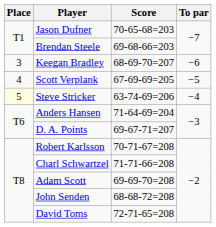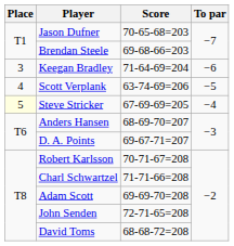 <table class="wikitable">
 <tr>
 <th>Place</th>
 <th>Player</th>
 <th>Score</th>
 <th>To par</th>
 </tr>
 <tr>
 <td rowspan="2" align=center>T1</td>
 <td> <a href='#'>Jason Dufner</a></td>
 <td align=center>70-65-68=203</td>
 <td rowspan="2" align=center>−7</td>
 </tr>
 <tr>
 <td> <a href='#'>Brendan Steele</a></td>
 <td align=center>69-68-66=203</td>
 </tr>
 <tr>
 <td align=center>3</td>
 <td> <a href='#'>Keegan Bradley</a></td>
-<td align=center>68-69-70=207</td>
+<td align=center>71-64-69=204</td>
 <td align=center>−6</td>
 </tr>
 <tr>
 <td align=center>4</td>
 <td> <a href='#'>Scott Verplank</a></td>
-<td align=center>67-69-69=205</td>
+<td align=center>63-74-69=206</td>
 <td align=center>−5</td>
 </tr>
 <tr>
 <td align=center style="background: lightyellow;">5</td>
 <td> <a href='#'>Steve Stricker</a></td>
-<td align=center>63-74-69=206</td>
+<td align=center>67-69-69=205</td>
 <td align=center>−4</td>
 </tr>
 <tr>
 <td rowspan="2" align=center>T6</td>
 <td> <a href='#'>Anders Hansen</a></td>
-<td align=center>71-64-69=204</td>
+<td align=center>68-69-70=207</td>
 <td rowspan="2" align=center>−3</td>
 </tr>
 <tr>
 <td> <a href='#'>D. A. Points</a></td>
 <td align=center>69-67-71=207</td>
 </tr>
 <tr>
 <td rowspan="5" align=center>T8</td>
 <td> <a href='#'>Robert Karlsson</a></td>
 <td align=center>70-71-67=208</td>
 <td rowspan="5" align=center>−2</td>
 </tr>
 <tr>
 <td> <a href='#'>Charl Schwartzel</a></td>
 <td align=center>71-71-66=208</td>
 </tr>
 <tr>
 <td> <a href='#'>Adam Scott</a></td>
 <td align=center>69-69-70=208</td>
 </tr>
 <tr>
 <td> <a href='#'>John Senden</a></td>
-<td align=center>68-68-72=208</td>
+<td align=center>72-71-65=208</td>
 </tr>
 <tr>
 <td> <a href='#'>David Toms</a></td>
-<td align=center>72-71-65=208</td>
+<td align=center>68-68-72=208</td>
 </tr>
 </table>
